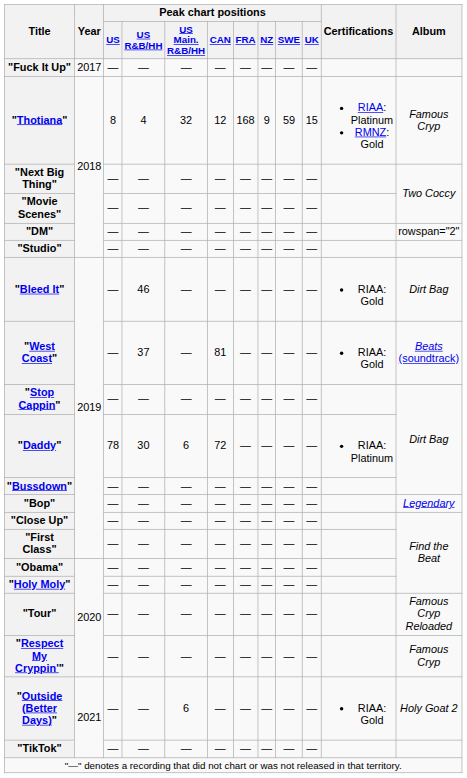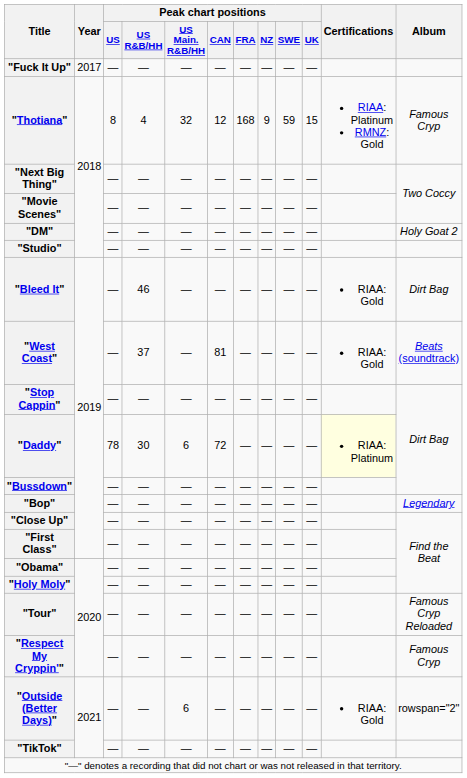 <table class="wikitable plainrowheaders" style="text-align:center;">
 <tr>
 <th scope="col" rowspan="2" style="width:15em;">Title</th>
 <th scope="col" rowspan="2" style="width:2em;">Year</th>
 <th scope="col" colspan="8">Peak chart positions</th>
 <th scope="col" rowspan="2" style="width:10em;">Certifications</th>
 <th scope="col" rowspan="2" style="width:14em;">Album</th>
 </tr>
 <tr>
 <th style="width:3em; font-size:90%"><a href='#'>US</a><br></th>
 <th style="width:3em; font-size:90%"><a href='#'>US<br>R&B/HH</a><br></th>
 <th style="width:3em; font-size:90%"><a href='#'>US<br>Main.<br>R&B/HH</a><br></th>
 <th style="width:3em; font-size:90%"><a href='#'>CAN</a><br></th>
 <th style="width:3em; font-size:90%"><a href='#'>FRA</a><br></th>
 <th style="width:3em; font-size:90%"><a href='#'>NZ</a><br></th>
 <th style="width:3em; font-size:90%"><a href='#'>SWE</a><br></th>
 <th style="width:3em; font-size:90%"><a href='#'>UK</a><br></th>
 </tr>
 <tr>
 <th scope="row">"Fuck It Up"<br></th>
 <td>2017</td>
 <td>—</td>
 <td>—</td>
 <td>—</td>
 <td>—</td>
 <td>—</td>
 <td>—</td>
 <td>—</td>
 <td>—</td>
 <td></td>
 <td></td>
 </tr>
 <tr>
 <th scope="row">"<a href='#'>Thotiana</a>"<br></th>
 <td rowspan="5">2018</td>
 <td>8</td>
 <td>4</td>
 <td>32</td>
 <td>12</td>
 <td>168</td>
 <td>9</td>
 <td>59</td>
 <td>15</td>
 <td><br><ul><li><a href='#'>RIAA</a>: Platinum</li><li><a href='#'>RMNZ</a>: Gold</li></ul></td>
 <td><em>Famous Cryp</em></td>
 </tr>
 <tr>
 <th scope="row">"Next Big Thing"</th>
 <td>—</td>
 <td>—</td>
 <td>—</td>
 <td>—</td>
 <td>—</td>
 <td>—</td>
 <td>—</td>
 <td>—</td>
 <td></td>
 <td rowspan="2"><em>Two Coccy</em></td>
 </tr>
 <tr>
 <th scope="row">"Movie Scenes"</th>
 <td>—</td>
 <td>—</td>
 <td>—</td>
 <td>—</td>
 <td>—</td>
 <td>—</td>
 <td>—</td>
 <td>—</td>
 <td></td>
 </tr>
 <tr>
 <th scope="row">"DM"</th>
 <td>—</td>
 <td>—</td>
 <td>—</td>
 <td>—</td>
 <td>—</td>
 <td>—</td>
 <td>—</td>
 <td>—</td>
 <td></td>
-<td>rowspan="2" </td>
+<td><em>Holy Goat 2</em></td>
 </tr>
 <tr>
 <th scope="row">"Studio"</th>
 <td>—</td>
 <td>—</td>
 <td>—</td>
 <td>—</td>
 <td>—</td>
 <td>—</td>
 <td>—</td>
 <td>—</td>
 <td></td>
 </tr>
 <tr>
 <th scope="row">"<a href='#'>Bleed It</a>"</th>
 <td rowspan="8">2019</td>
 <td>—</td>
 <td>46</td>
 <td>—</td>
 <td>—</td>
 <td>—</td>
 <td>—</td>
 <td>—</td>
 <td>—</td>
 <td><br><ul><li>RIAA: Gold</li></ul></td>
 <td><em>Dirt Bag</em></td>
 </tr>
 <tr>
 <th scope="row">"<a href='#'>West Coast</a>"<br></th>
 <td>—</td>
 <td>37</td>
 <td>—</td>
 <td>81</td>
 <td>—</td>
 <td>—</td>
 <td>—</td>
 <td>—</td>
 <td><br><ul><li>RIAA: Gold</li></ul></td>
 <td><a href='#'><em>Beats</em> (soundtrack)</a></td>
 </tr>
 <tr>
 <th scope="row">"<a href='#'>Stop Cappin</a>"<br></th>
 <td>—</td>
 <td>—</td>
 <td>—</td>
 <td>—</td>
 <td>—</td>
 <td>—</td>
 <td>—</td>
 <td>—</td>
 <td></td>
 <td rowspan="3"><em>Dirt Bag</em></td>
 </tr>
 <tr>
 <th scope="row">"<a href='#'>Daddy</a>"<br></th>
 <td>78</td>
 <td>30</td>
 <td>6</td>
 <td>72</td>
 <td>—</td>
 <td>—</td>
 <td>—</td>
 <td>—</td>
-<td><br><ul><li>RIAA: Platinum</li></ul></td>
+<td style="background: lightyellow;"><br><ul><li>RIAA: Platinum</li></ul></td>
 </tr>
 <tr>
 <th scope="row">"<a href='#'>Bussdown</a>"<br></th>
 <td>—</td>
 <td>—</td>
 <td>—</td>
 <td>—</td>
 <td>—</td>
 <td>—</td>
 <td>—</td>
 <td>—</td>
 <td></td>
 </tr>
 <tr>
 <th scope="row">"Bop"<br></th>
 <td>—</td>
 <td>—</td>
 <td>—</td>
 <td>—</td>
 <td>—</td>
 <td>—</td>
 <td>—</td>
 <td>—</td>
 <td></td>
 <td><em><a href='#'>Legendary</a></em></td>
 </tr>
 <tr>
 <th scope="row">"Close Up"<br></th>
 <td>—</td>
 <td>—</td>
 <td>—</td>
 <td>—</td>
 <td>—</td>
 <td>—</td>
 <td>—</td>
 <td>—</td>
 <td></td>
 <td rowspan="4"><em>Find the Beat</em></td>
 </tr>
 <tr>
 <th scope="row">"First Class"<br></th>
 <td>—</td>
 <td>—</td>
 <td>—</td>
 <td>—</td>
 <td>—</td>
 <td>—</td>
 <td>—</td>
 <td>—</td>
 <td></td>
 </tr>
 <tr>
 <th scope="row">"Obama"<br></th>
 <td rowspan="4">2020</td>
 <td>—</td>
 <td>—</td>
 <td>—</td>
 <td>—</td>
 <td>—</td>
 <td>—</td>
 <td>—</td>
 <td>—</td>
 <td></td>
 </tr>
 <tr>
 <th scope="row">"<a href='#'>Holy Moly</a>"<br></th>
 <td>—</td>
 <td>—</td>
 <td>—</td>
 <td>—</td>
 <td>—</td>
 <td>—</td>
 <td>—</td>
 <td>—</td>
 <td></td>
 </tr>
 <tr>
 <th scope="row">"Tour"<br></th>
 <td>—</td>
 <td>—</td>
 <td>—</td>
 <td>—</td>
 <td>—</td>
 <td>—</td>
 <td>—</td>
 <td>—</td>
 <td></td>
 <td><em>Famous Cryp Reloaded</em></td>
 </tr>
 <tr>
 <th scope="row">"<a href='#'>Respect My Cryppin'</a>"<br></th>
 <td>—</td>
 <td>—</td>
 <td>—</td>
 <td>—</td>
 <td>—</td>
 <td>—</td>
 <td>—</td>
 <td>—</td>
 <td></td>
 <td><em>Famous Cryp</em></td>
 </tr>
 <tr>
 <th scope="row">"<a href='#'>Outside (Better Days)</a>"<br></th>
 <td rowspan="2">2021</td>
 <td>—</td>
 <td>—</td>
 <td>6</td>
 <td>—</td>
 <td>—</td>
 <td>—</td>
 <td>—</td>
 <td>—</td>
 <td><br><ul><li>RIAA: Gold</li></ul></td>
-<td><em>Holy Goat 2</em></td>
+<td>rowspan="2" </td>
 </tr>
 <tr>
 <th scope="row">"TikTok"<br></th>
 <td>—</td>
 <td>—</td>
 <td>—</td>
 <td>—</td>
 <td>—</td>
 <td>—</td>
 <td>—</td>
 <td>—</td>
 <td></td>
 <td></td>
 </tr>
 <tr>
 <td colspan="16" style="font-size:90%">"—" denotes a recording that did not chart or was not released in that territory.</td>
 </tr>
 </table>
